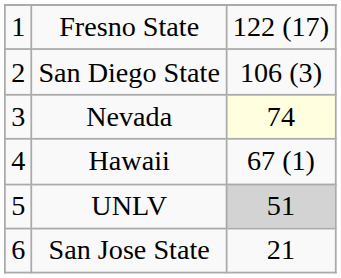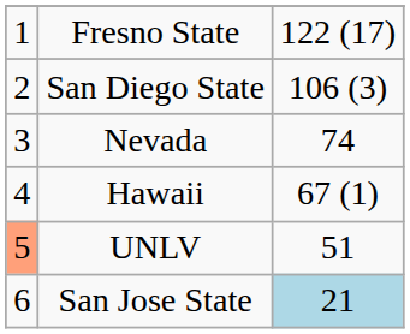 <table class="wikitable" style="display: inline-table;">
 <tr align="center">
 </tr>
 <tr align="center">
 <td>1</td>
 <td>Fresno State</td>
 <td>122 (17)</td>
 </tr>
 <tr align="center">
 <td>2</td>
 <td>San Diego State</td>
 <td>106 (3)</td>
 </tr>
 <tr align="center">
 <td>3</td>
 <td>Nevada</td>
-<td style="background: lightyellow;">74</td>
+<td>74</td>
 </tr>
 <tr align="center">
 <td>4</td>
 <td>Hawaii</td>
 <td>67 (1)</td>
 </tr>
 <tr align="center">
-<td>5</td>
+<td style="background: lightsalmon;">5</td>
 <td>UNLV</td>
-<td style="background: lightgrey;">51</td>
+<td>51</td>
 </tr>
 <tr align="center">
 <td>6</td>
 <td>San Jose State</td>
-<td>21</td>
+<td style="background: lightblue;">21</td>
 </tr>
 </table>
